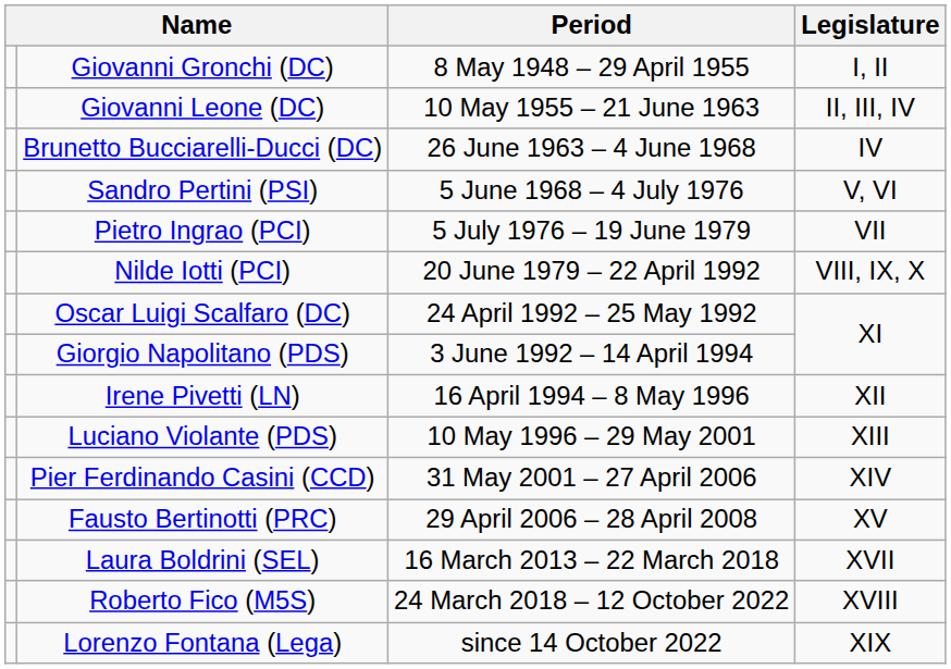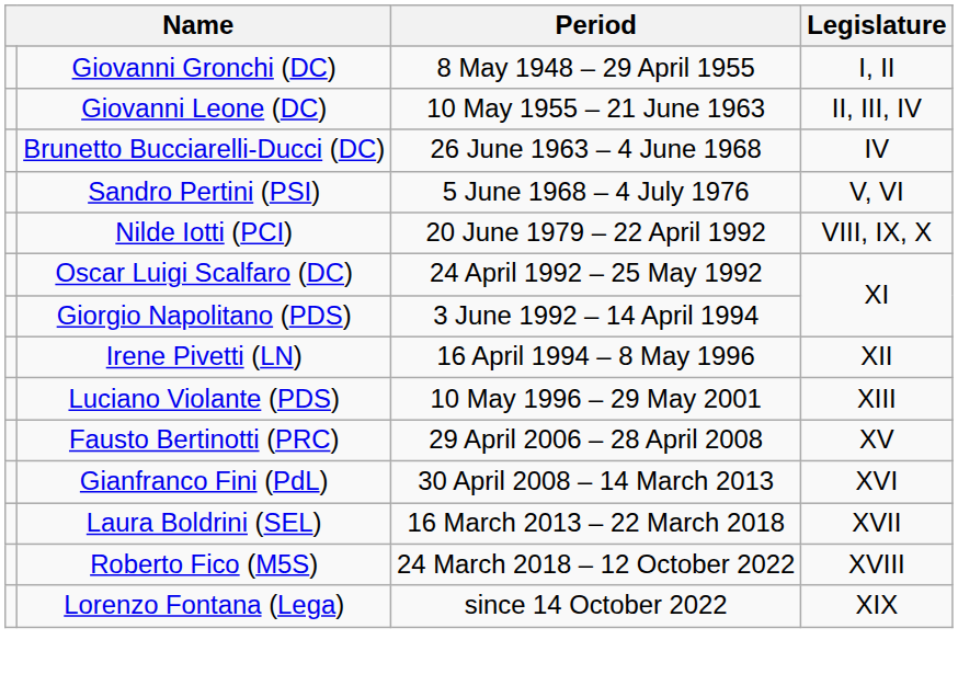 <table class="wikitable">
 <tr>
 <th colspan=2>Name</th>
 <th>Period</th>
 <th>Legislature</th>
 </tr>
 <tr style="text-align:center">
 <td style="background:"></td>
 <td><a href='#'>Giovanni Gronchi</a> (<a href='#'>DC</a>)</td>
 <td>8 May 1948 – 29 April 1955</td>
 <td>I, II</td>
 </tr>
 <tr style="text-align:center">
 <td style="background:"></td>
 <td><a href='#'>Giovanni Leone</a> (<a href='#'>DC</a>)</td>
 <td>10 May 1955 – 21 June 1963</td>
 <td>II, III, IV</td>
 </tr>
 <tr style="text-align:center">
 <td style="background:"></td>
 <td><a href='#'>Brunetto Bucciarelli-Ducci</a> (<a href='#'>DC</a>)</td>
 <td>26 June 1963 – 4 June 1968</td>
 <td>IV</td>
 </tr>
 <tr style="text-align:center">
 <td style="background:"></td>
 <td><a href='#'>Sandro Pertini</a> (<a href='#'>PSI</a>)</td>
 <td>5 June 1968 – 4 July 1976</td>
 <td>V, VI</td>
 </tr>
 <tr style="text-align:center">
 <td style="background:"></td>
-<td><a href='#'>Pietro Ingrao</a> (<a href='#'>PCI</a>)</td>
-<td>5 July 1976 – 19 June 1979</td>
-<td>VII</td>
-</tr>
-<tr style="text-align:center">
-<td style="background:"></td>
 <td><a href='#'>Nilde Iotti</a> (<a href='#'>PCI</a>)</td>
 <td>20 June 1979 – 22 April 1992</td>
 <td>VIII, IX, X</td>
 </tr>
 <tr style="text-align:center">
 <td style="background:"></td>
 <td><a href='#'>Oscar Luigi Scalfaro</a> (<a href='#'>DC</a>)</td>
 <td>24 April 1992 – 25 May 1992</td>
 <td rowspan=2>XI</td>
 </tr>
 <tr style="text-align:center">
 <td style="background:"></td>
 <td><a href='#'>Giorgio Napolitano</a> (<a href='#'>PDS</a>)</td>
 <td>3 June 1992 – 14 April 1994</td>
 </tr>
 <tr style="text-align:center">
 <td style="background:"></td>
 <td><a href='#'>Irene Pivetti</a> (<a href='#'>LN</a>)</td>
 <td>16 April 1994 – 8 May 1996</td>
 <td>XII</td>
 </tr>
 <tr style="text-align:center">
 <td style="background:"></td>
 <td><a href='#'>Luciano Violante</a> (<a href='#'>PDS</a>)</td>
 <td>10 May 1996 – 29 May 2001</td>
 <td>XIII</td>
 </tr>
 <tr style="text-align:center">
 <td style="background:"></td>
-<td><a href='#'>Pier Ferdinando Casini</a> (<a href='#'>CCD</a>)</td>
-<td>31 May 2001 – 27 April 2006</td>
-<td>XIV</td>
+<td><a href='#'>Fausto Bertinotti</a> (<a href='#'>PRC</a>)</td>
+<td>29 April 2006 – 28 April 2008</td>
+<td>XV</td>
 </tr>
 <tr style="text-align:center">
 <td style="background:"></td>
-<td><a href='#'>Fausto Bertinotti</a> (<a href='#'>PRC</a>)</td>
-<td>29 April 2006 – 28 April 2008</td>
-<td>XV</td>
+<td><a href='#'>Gianfranco Fini</a> (<a href='#'>PdL</a>)</td>
+<td>30 April 2008 – 14 March 2013</td>
+<td>XVI</td>
 </tr>
 <tr style="text-align:center">
 <td style="background:"></td>
 <td><a href='#'>Laura Boldrini</a> (<a href='#'>SEL</a>)</td>
 <td>16 March 2013 – 22 March 2018</td>
 <td>XVII</td>
 </tr>
 <tr style="text-align:center">
 <td style="background:"></td>
 <td><a href='#'>Roberto Fico</a> (<a href='#'>M5S</a>)</td>
 <td>24 March 2018 – 12 October 2022</td>
 <td>XVIII</td>
 </tr>
 <tr style="text-align:center">
 <td style="background:"></td>
 <td><a href='#'>Lorenzo Fontana</a> (<a href='#'>Lega</a>)</td>
 <td>since 14 October 2022</td>
 <td>XIX</td>
 </tr>
 </table>
